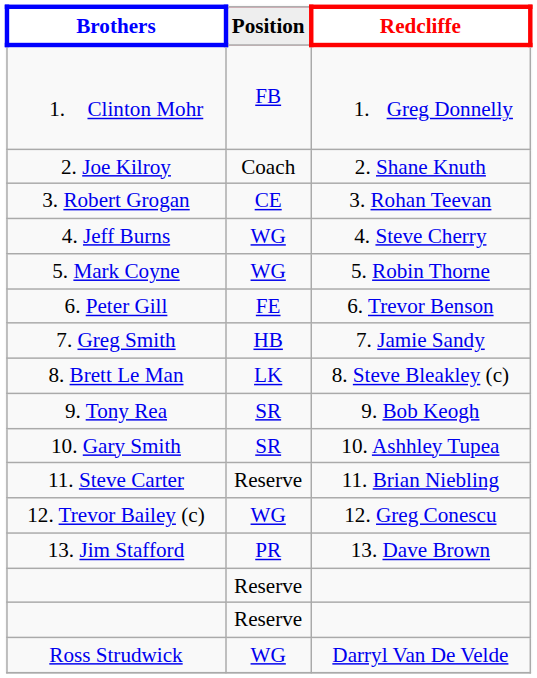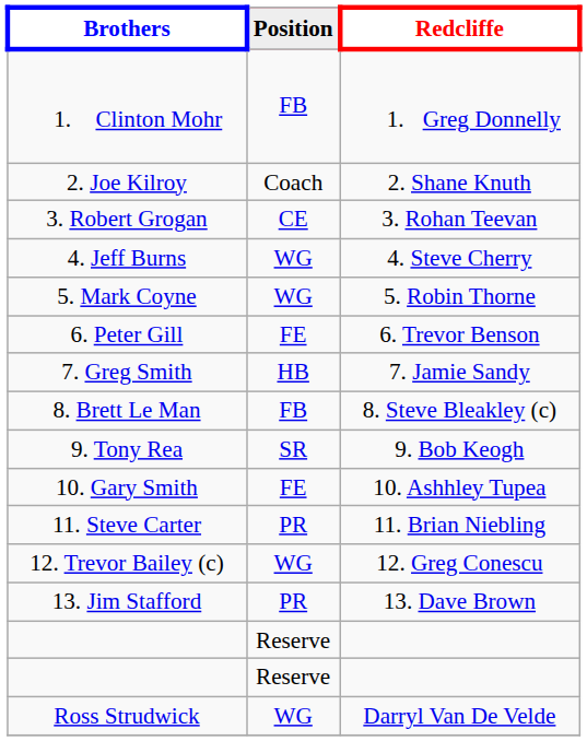 <table align="right" class="wikitable" style="font-size:90%; text-align:center; margin-left:1em">
 <tr bgcolor="#FF0033">
 <th align="centre" style="width:140px; border:3px solid blue; background: white; color: blue">Brothers</th>
 <th style="width:40px; text-align:center; background:#eee; color:black;">Position</th>
 <th align="centre" style="width:140px; border:3px solid red; background: white; color: red">Redcliffe</th>
 </tr>
 <tr>
 <td><br><ol><li><a href='#'>Clinton Mohr</a></li></ol></td>
 <td><a href='#'>FB</a></td>
 <td><br><ol><li><a href='#'>Greg Donnelly</a></li></ol></td>
 </tr>
 <tr>
 <td>2. <a href='#'>Joe Kilroy</a></td>
 <td>Coach</td>
 <td>2. <a href='#'>Shane Knuth</a></td>
 </tr>
 <tr>
 <td>3. <a href='#'>Robert Grogan</a></td>
 <td><a href='#'>CE</a></td>
 <td>3. <a href='#'>Rohan Teevan</a></td>
 </tr>
 <tr>
 <td>4. <a href='#'>Jeff Burns</a></td>
 <td><a href='#'>WG</a></td>
 <td>4. <a href='#'>Steve Cherry</a></td>
 </tr>
 <tr>
 <td>5. <a href='#'>Mark Coyne</a></td>
 <td><a href='#'>WG</a></td>
 <td>5. <a href='#'>Robin Thorne</a></td>
 </tr>
 <tr>
 <td>6. <a href='#'>Peter Gill</a></td>
 <td><a href='#'>FE</a></td>
 <td>6. <a href='#'>Trevor Benson</a></td>
 </tr>
 <tr>
 <td>7. <a href='#'>Greg Smith</a></td>
 <td><a href='#'>HB</a></td>
 <td>7. <a href='#'>Jamie Sandy</a></td>
 </tr>
 <tr>
 <td>8. <a href='#'>Brett Le Man</a></td>
-<td><a href='#'>LK</a></td>
+<td><a href='#'>FB</a></td>
 <td>8. <a href='#'>Steve Bleakley</a> (c)</td>
 </tr>
 <tr>
 <td>9. <a href='#'>Tony Rea</a></td>
 <td><a href='#'>SR</a></td>
 <td>9. <a href='#'>Bob Keogh</a></td>
 </tr>
 <tr>
 <td>10. <a href='#'>Gary Smith</a></td>
-<td><a href='#'>SR</a></td>
+<td><a href='#'>FE</a></td>
 <td>10. <a href='#'>Ashhley Tupea</a></td>
 </tr>
 <tr>
 <td>11. <a href='#'>Steve Carter</a></td>
-<td>Reserve</td>
+<td><a href='#'>PR</a></td>
 <td>11. <a href='#'>Brian Niebling</a></td>
 </tr>
 <tr>
 <td>12. <a href='#'>Trevor Bailey</a> (c)</td>
 <td><a href='#'>WG</a></td>
 <td>12. <a href='#'>Greg Conescu</a></td>
 </tr>
 <tr>
 <td>13. <a href='#'>Jim Stafford</a></td>
 <td><a href='#'>PR</a></td>
 <td>13. <a href='#'>Dave Brown</a></td>
 </tr>
 <tr>
 <td></td>
 <td>Reserve</td>
 <td></td>
 </tr>
 <tr>
 <td></td>
 <td>Reserve</td>
 <td></td>
 </tr>
 <tr>
 <td><a href='#'>Ross Strudwick</a></td>
 <td><a href='#'>WG</a></td>
 <td><a href='#'>Darryl Van De Velde</a></td>
 </tr>
 <tr>
 </tr>
 </table>
